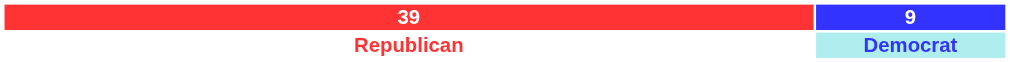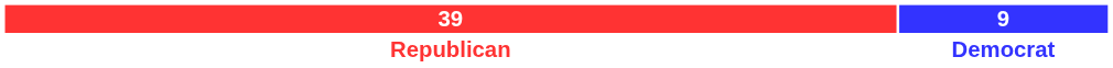 <table style="width:50%">
 <tr>
 <td scope="row" colspan="3" style="text-align:center"></td>
 </tr>
 <tr>
 <td scope="row" style="background:#F33; width:81%; text-align:center; color:white"><strong>39</strong></td>
 <td style="background:#33F; width:19%; text-align:center; color:white"><strong>9</strong></td>
 </tr>
 <tr>
 <td scope="row" style="text-align:center; color:#F33"><strong>Republican</strong></td>
-<td style="background: paleturquoise; text-align:center; color:#33F"><strong>Democrat</strong></td>
+<td style="text-align:center; color:#33F"><strong>Democrat</strong></td>
 </tr>
 </table>
